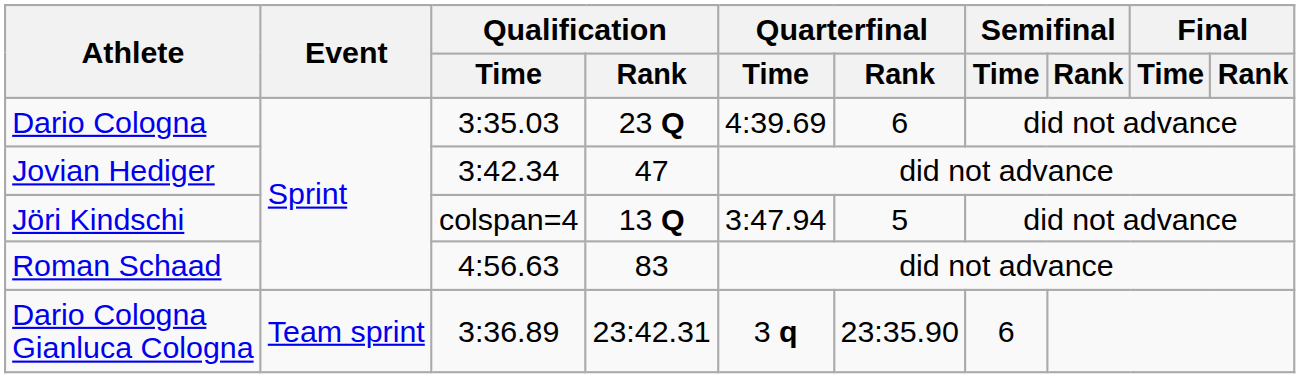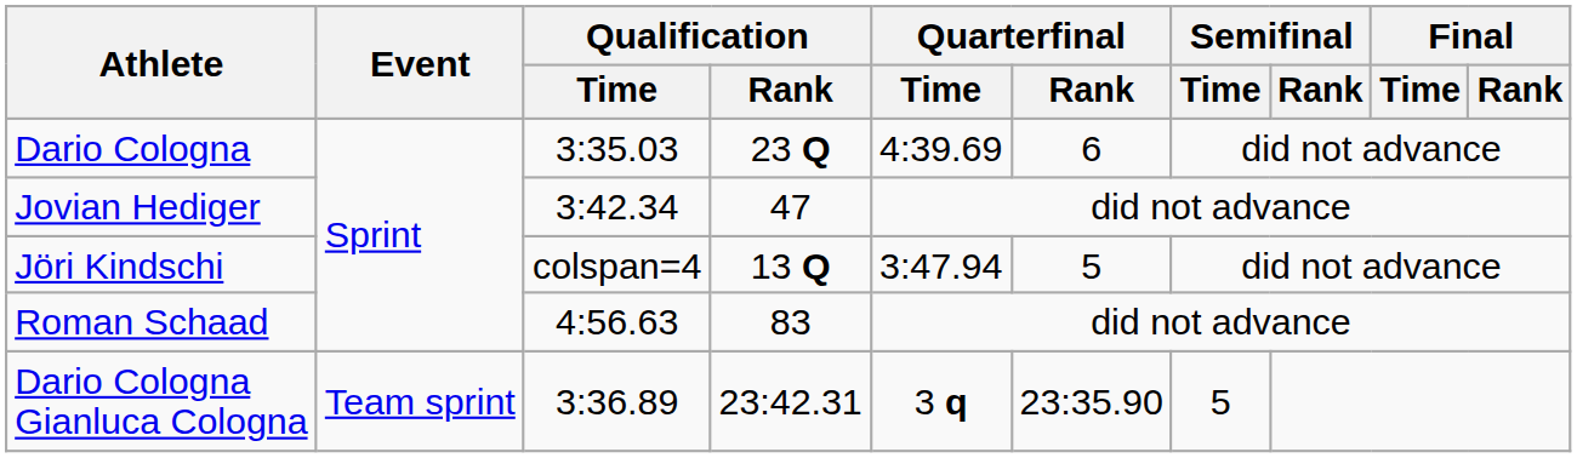 <table class="wikitable" style="font-size:90%">
 <tr>
 <th rowspan="2">Athlete</th>
 <th rowspan="2">Event</th>
 <th colspan="2">Qualification</th>
 <th colspan="2">Quarterfinal</th>
 <th colspan="2">Semifinal</th>
 <th colspan="2">Final</th>
 </tr>
 <tr style="font-size:95%">
 <th>Time</th>
 <th>Rank</th>
 <th>Time</th>
 <th>Rank</th>
 <th>Time</th>
 <th>Rank</th>
 <th>Time</th>
 <th>Rank</th>
 </tr>
 <tr align=center>
 <td align=left><a href='#'>Dario Cologna</a></td>
 <td align=left rowspan=4><a href='#'>Sprint</a></td>
 <td>3:35.03</td>
 <td>23 <strong>Q</strong></td>
 <td>4:39.69</td>
 <td>6</td>
 <td colspan=4>did not advance</td>
 </tr>
 <tr align=center>
 <td align=left><a href='#'>Jovian Hediger</a></td>
 <td>3:42.34</td>
 <td>47</td>
 <td colspan=6>did not advance</td>
 </tr>
 <tr align=center>
 <td align=left><a href='#'>Jöri Kindschi</a></td>
 <td>colspan=4 </td>
 <td>13 <strong>Q</strong></td>
 <td>3:47.94</td>
 <td>5</td>
 <td colspan=4>did not advance</td>
 </tr>
 <tr align=center>
 <td align=left><a href='#'>Roman Schaad</a></td>
 <td>4:56.63</td>
 <td>83</td>
 <td colspan=6>did not advance</td>
 </tr>
 <tr align=center>
 <td align=left><a href='#'>Dario Cologna</a><br><a href='#'>Gianluca Cologna</a></td>
 <td align=left><a href='#'>Team sprint</a></td>
 <td>3:36.89</td>
 <td>23:42.31</td>
 <td>3 <strong>q</strong></td>
 <td>23:35.90</td>
-<td>6</td>
+<td>5</td>
 </tr>
 </table>
